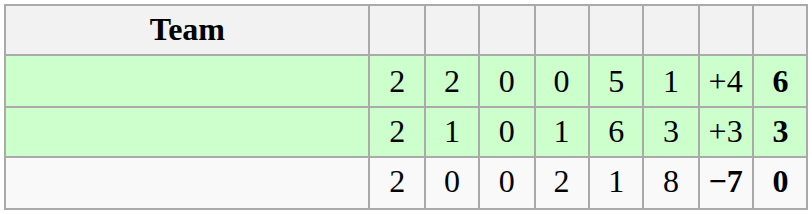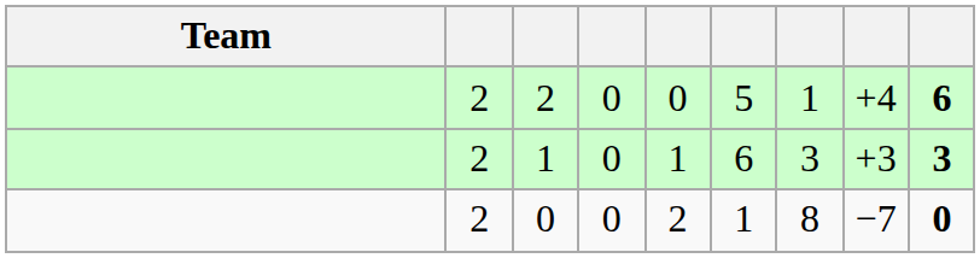 <table class="wikitable" style="text-align:center;">
 <tr>
 <th width=175>Team</th>
 <th width=20></th>
 <th width=20></th>
 <th width=20></th>
 <th width=20></th>
 <th width=20></th>
 <th width=20></th>
 <th width=20></th>
 <th width=20></th>
 </tr>
 <tr style="background:#ccffcc;">
 <td align=left></td>
 <td>2</td>
 <td>2</td>
 <td>0</td>
 <td>0</td>
 <td>5</td>
 <td>1</td>
 <td>+4</td>
 <td><strong>6</strong></td>
 </tr>
 <tr style="background:#ccffcc;">
 <td align=left></td>
 <td>2</td>
 <td>1</td>
 <td>0</td>
 <td>1</td>
 <td>6</td>
 <td>3</td>
 <td>+3</td>
 <td><strong>3</strong></td>
 </tr>
 <tr>
 <td align=left></td>
 <td>2</td>
 <td>0</td>
 <td>0</td>
 <td>2</td>
 <td>1</td>
 <td>8</td>
-<td><strong>−7</strong></td>
+<td>−7</td>
 <td><strong>0</strong></td>
 </tr>
 </table>
